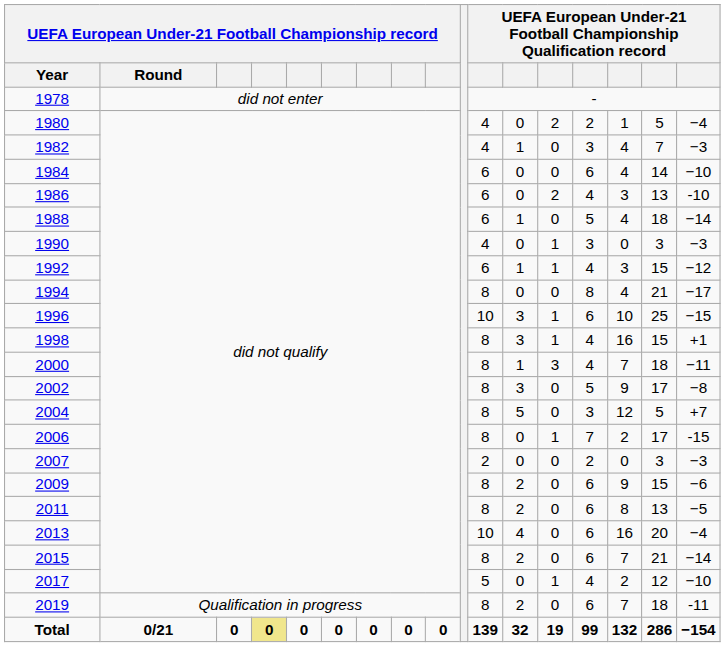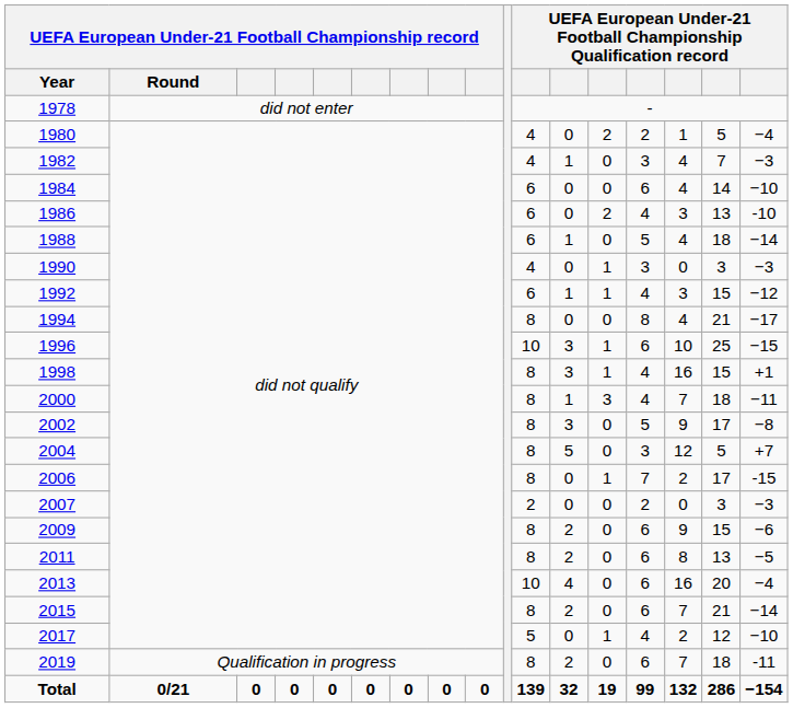 <table class="wikitable" style="text-align: center; font-size: 90%;">
 <tr>
 <th colspan=9><a href='#'>UEFA European Under-21 Football Championship record</a></th>
 <th width=1% rowspan=25></th>
 <th colspan=7>UEFA European Under-21 Football Championship Qualification record</th>
 </tr>
 <tr>
 <th width=80>Year</th>
 <th width=100>Round</th>
 <th width=25></th>
 <th width=25></th>
 <th width=25></th>
 <th width=25></th>
 <th width=25></th>
 <th width=25></th>
 <th width=25></th>
 <th width=25></th>
 <th width=25></th>
 <th width=25></th>
 <th width=25></th>
 <th width=25></th>
 <th width=25></th>
 <th width=25></th>
 </tr>
 <tr>
 <td><a href='#'>1978</a></td>
 <td colspan=8><em>did not enter</em></td>
 <td colspan=8>-</td>
 </tr>
 <tr>
 <td><a href='#'>1980</a></td>
 <td rowspan=20 colspan=8><em>did not qualify</em></td>
 <td>4</td>
 <td>0</td>
 <td>2</td>
 <td>2</td>
 <td>1</td>
 <td>5</td>
 <td>−4</td>
 </tr>
 <tr>
 <td><a href='#'>1982</a></td>
 <td>4</td>
 <td>1</td>
 <td>0</td>
 <td>3</td>
 <td>4</td>
 <td>7</td>
 <td>−3</td>
 </tr>
 <tr>
 <td><a href='#'>1984</a></td>
 <td>6</td>
 <td>0</td>
 <td>0</td>
 <td>6</td>
 <td>4</td>
 <td>14</td>
 <td>−10</td>
 </tr>
 <tr>
 <td><a href='#'>1986</a></td>
 <td>6</td>
 <td>0</td>
 <td>2</td>
 <td>4</td>
 <td>3</td>
 <td>13</td>
 <td>-10</td>
 </tr>
 <tr>
 <td><a href='#'>1988</a></td>
 <td>6</td>
 <td>1</td>
 <td>0</td>
 <td>5</td>
 <td>4</td>
 <td>18</td>
 <td>−14</td>
 </tr>
 <tr>
 <td><a href='#'>1990</a></td>
 <td>4</td>
 <td>0</td>
 <td>1</td>
 <td>3</td>
 <td>0</td>
 <td>3</td>
 <td>−3</td>
 </tr>
 <tr>
 <td><a href='#'>1992</a></td>
 <td>6</td>
 <td>1</td>
 <td>1</td>
 <td>4</td>
 <td>3</td>
 <td>15</td>
 <td>−12</td>
 </tr>
 <tr>
 <td> <a href='#'>1994</a></td>
 <td>8</td>
 <td>0</td>
 <td>0</td>
 <td>8</td>
 <td>4</td>
 <td>21</td>
 <td>−17</td>
 </tr>
 <tr>
 <td> <a href='#'>1996</a></td>
 <td>10</td>
 <td>3</td>
 <td>1</td>
 <td>6</td>
 <td>10</td>
 <td>25</td>
 <td>−15</td>
 </tr>
 <tr>
 <td> <a href='#'>1998</a></td>
 <td>8</td>
 <td>3</td>
 <td>1</td>
 <td>4</td>
 <td>16</td>
 <td>15</td>
 <td>+1</td>
 </tr>
 <tr>
 <td> <a href='#'>2000</a></td>
 <td>8</td>
 <td>1</td>
 <td>3</td>
 <td>4</td>
 <td>7</td>
 <td>18</td>
 <td>−11</td>
 </tr>
 <tr>
 <td> <a href='#'>2002</a></td>
 <td>8</td>
 <td>3</td>
 <td>0</td>
 <td>5</td>
 <td>9</td>
 <td>17</td>
 <td>−8</td>
 </tr>
 <tr>
 <td> <a href='#'>2004</a></td>
 <td>8</td>
 <td>5</td>
 <td>0</td>
 <td>3</td>
 <td>12</td>
 <td>5</td>
 <td>+7</td>
 </tr>
 <tr>
 <td> <a href='#'>2006</a></td>
 <td>8</td>
 <td>0</td>
 <td>1</td>
 <td>7</td>
 <td>2</td>
 <td>17</td>
 <td>-15</td>
 </tr>
 <tr>
 <td> <a href='#'>2007</a></td>
 <td>2</td>
 <td>0</td>
 <td>0</td>
 <td>2</td>
 <td>0</td>
 <td>3</td>
 <td>−3</td>
 </tr>
 <tr>
 <td> <a href='#'>2009</a></td>
 <td>8</td>
 <td>2</td>
 <td>0</td>
 <td>6</td>
 <td>9</td>
 <td>15</td>
 <td>−6</td>
 </tr>
 <tr>
 <td> <a href='#'>2011</a></td>
 <td>8</td>
 <td>2</td>
 <td>0</td>
 <td>6</td>
 <td>8</td>
 <td>13</td>
 <td>−5</td>
 </tr>
 <tr>
 <td> <a href='#'>2013</a></td>
 <td>10</td>
 <td>4</td>
 <td>0</td>
 <td>6</td>
 <td>16</td>
 <td>20</td>
 <td>−4</td>
 </tr>
 <tr>
 <td> <a href='#'>2015</a></td>
 <td>8</td>
 <td>2</td>
 <td>0</td>
 <td>6</td>
 <td>7</td>
 <td>21</td>
 <td>−14</td>
 </tr>
 <tr>
 <td> <a href='#'>2017</a></td>
 <td>5</td>
 <td>0</td>
 <td>1</td>
 <td>4</td>
 <td>2</td>
 <td>12</td>
 <td>−10</td>
 </tr>
 <tr>
 <td>  <a href='#'>2019</a></td>
 <td rowspan=1 colspan=8><em>Qualification in progress</em></td>
 <td>8</td>
 <td>2</td>
 <td>0</td>
 <td>6</td>
 <td>7</td>
 <td>18</td>
 <td>-11</td>
 </tr>
 <tr>
 <td><strong>Total</strong></td>
 <td><strong>0/21</strong></td>
 <td><strong>0</strong></td>
-<td style="background: khaki;"><strong>0</strong></td>
+<td><strong>0</strong></td>
 <td><strong>0</strong></td>
 <td><strong>0</strong></td>
 <td><strong>0</strong></td>
 <td><strong>0</strong></td>
 <td><strong>0</strong></td>
 <td><strong>139</strong></td>
 <td><strong>32</strong></td>
 <td><strong>19</strong></td>
 <td><strong>99</strong></td>
 <td><strong>132</strong></td>
 <td><strong>286</strong></td>
 <td><strong>−154</strong></td>
 </tr>
 </table>
